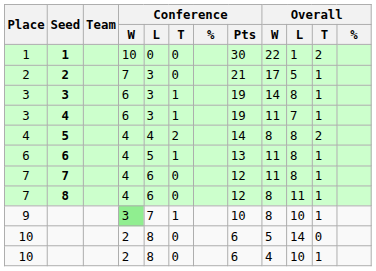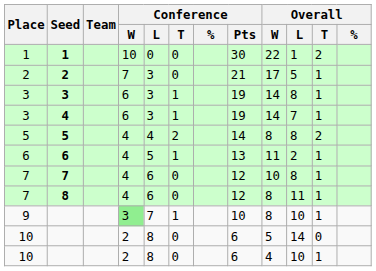 <table class="wikitable">
 <tr>
 <th rowspan ="2">Place</th>
 <th rowspan ="2">Seed</th>
 <th rowspan ="2">Team</th>
 <th colspan = "5">Conference</th>
 <th colspan = "4">Overall</th>
 </tr>
 <tr>
 <th scope="col" style="width: 20px;">W</th>
 <th scope="col" style="width: 20px;">L</th>
 <th scope="col" style="width: 20px;">T</th>
 <th scope="col" style="width: 30px;">%</th>
 <th scope="col" style="width: 30px;">Pts</th>
 <th scope="col" style="width: 20px;">W</th>
 <th scope="col" style="width: 20px;">L</th>
 <th scope="col" style="width: 20px;">T</th>
 <th scope="col" style="width: 30px;">%</th>
 </tr>
 <tr bgcolor=#ccffcc>
 <td style="text-align:center;">1</td>
 <td style="text-align:center;"><strong>1</strong></td>
 <td></td>
 <td>10</td>
 <td>0</td>
 <td>0</td>
 <td></td>
 <td>30</td>
 <td>22</td>
 <td>1</td>
 <td>2</td>
 <td></td>
 </tr>
 <tr bgcolor=#ccffcc>
 <td style="text-align:center;">2</td>
 <td style="text-align:center;"><strong>2</strong></td>
 <td></td>
 <td>7</td>
 <td>3</td>
 <td>0</td>
 <td></td>
 <td>21</td>
 <td>17</td>
 <td>5</td>
 <td>1</td>
 <td></td>
 </tr>
 <tr bgcolor=#ccffcc>
 <td style="text-align:center;">3</td>
 <td style="text-align:center;"><strong>3</strong></td>
 <td></td>
 <td>6</td>
 <td>3</td>
 <td>1</td>
 <td></td>
 <td>19</td>
 <td>14</td>
 <td>8</td>
 <td>1</td>
 <td></td>
 </tr>
 <tr bgcolor=#ccffcc>
 <td style="text-align:center;">3</td>
 <td style="text-align:center;"><strong>4</strong></td>
 <td></td>
 <td>6</td>
 <td>3</td>
 <td>1</td>
 <td></td>
 <td>19</td>
-<td>11</td>
+<td>14</td>
 <td>7</td>
 <td>1</td>
 <td></td>
 </tr>
 <tr bgcolor=#ccffcc>
-<td style="text-align:center;">4</td>
+<td style="text-align:center;">5</td>
 <td style="text-align:center;"><strong>5</strong></td>
 <td></td>
 <td>4</td>
 <td>4</td>
 <td>2</td>
 <td></td>
 <td>14</td>
 <td>8</td>
 <td>8</td>
 <td>2</td>
 <td></td>
 </tr>
 <tr bgcolor=#ccffcc>
 <td style="text-align:center;">6</td>
 <td style="text-align:center;"><strong>6</strong></td>
 <td></td>
 <td>4</td>
 <td>5</td>
 <td>1</td>
 <td></td>
 <td>13</td>
 <td>11</td>
-<td>8</td>
+<td>2</td>
 <td>1</td>
 <td></td>
 </tr>
 <tr bgcolor=#ccffcc>
 <td style="text-align:center;">7</td>
 <td style="text-align:center;"><strong>7</strong></td>
 <td></td>
 <td>4</td>
 <td>6</td>
 <td>0</td>
 <td></td>
 <td>12</td>
-<td>11</td>
+<td>10</td>
 <td>8</td>
 <td>1</td>
 <td></td>
 </tr>
 <tr bgcolor=#ccffcc>
 <td style="text-align:center;">7</td>
 <td style="text-align:center;"><strong>8</strong></td>
 <td></td>
 <td>4</td>
 <td>6</td>
 <td>0</td>
 <td></td>
 <td>12</td>
 <td>8</td>
 <td>11</td>
 <td>1</td>
 <td></td>
 </tr>
 <tr>
 <td style="text-align:center;">9</td>
 <td style="text-align:center;"></td>
 <td></td>
 <td style="background: lightgreen;">3</td>
 <td>7</td>
 <td>1</td>
 <td></td>
 <td>10</td>
 <td>8</td>
 <td>10</td>
 <td>1</td>
 <td></td>
 </tr>
 <tr>
 <td style="text-align:center;">10</td>
 <td style="text-align:center;"></td>
 <td></td>
 <td>2</td>
 <td>8</td>
 <td>0</td>
 <td></td>
 <td>6</td>
 <td>5</td>
 <td>14</td>
 <td>0</td>
 <td></td>
 </tr>
 <tr>
 <td style="text-align:center;">10</td>
 <td style="text-align:center;"></td>
 <td></td>
 <td>2</td>
 <td>8</td>
 <td>0</td>
 <td></td>
 <td>6</td>
 <td>4</td>
 <td>10</td>
 <td>1</td>
 <td></td>
 </tr>
 </table>
